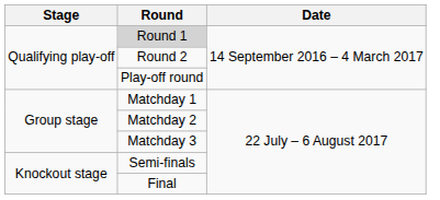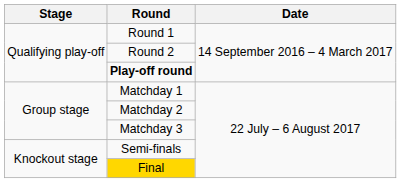 <table class="wikitable" style="text-align:center">
 <tr>
 <th>Stage</th>
 <th>Round</th>
 <th>Date</th>
 </tr>
 <tr>
 <td rowspan="3">Qualifying play-off</td>
-<td style="background: lightgrey;">Round 1</td>
+<td>Round 1</td>
 <td rowspan=3>14 September 2016 – 4 March 2017</td>
 </tr>
 <tr>
 <td>Round 2</td>
 </tr>
 <tr>
-<td>Play-off round</td>
+<td><strong>Play-off round</strong></td>
 </tr>
 <tr>
 <td rowspan="3">Group stage</td>
 <td>Matchday 1</td>
 <td rowspan=5>22 July – 6 August 2017</td>
 </tr>
 <tr>
 <td>Matchday 2</td>
 </tr>
 <tr>
 <td>Matchday 3</td>
 </tr>
 <tr>
 <td rowspan="2">Knockout stage</td>
 <td>Semi-finals</td>
 </tr>
 <tr>
-<td>Final</td>
+<td style="background: gold;">Final</td>
 </tr>
 </table>
